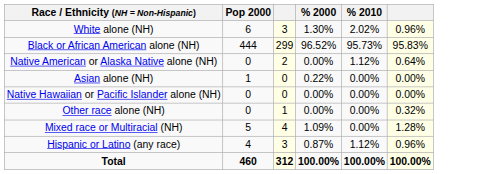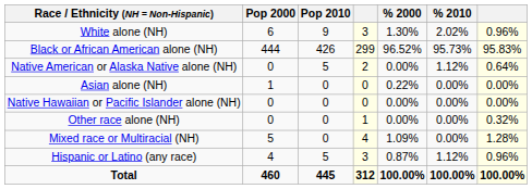 <table class="wikitable" style="text-align:center;">
 <tr>
 <th>Race / Ethnicity <small>(<em>NH = Non-Hispanic</em>)</small></th>
 <th>Pop 2000</th>
+<th>Pop 2010</th>
 <th></th>
 <th>% 2000</th>
 <th>% 2010</th>
 <th></th>
 </tr>
 <tr>
 <td><a href='#'>White</a> alone (NH)</td>
 <td>6</td>
+<td>9</td>
 <td style='background: #ffffe6;'>3</td>
 <td>1.30%</td>
 <td>2.02%</td>
 <td style='background: #ffffe6;'>0.96%</td>
 </tr>
 <tr>
 <td><a href='#'>Black or African American</a> alone (NH)</td>
 <td>444</td>
+<td>426</td>
 <td style='background: #ffffe6;'>299</td>
 <td>96.52%</td>
 <td>95.73%</td>
 <td style='background: #ffffe6;'>95.83%</td>
 </tr>
 <tr>
 <td><a href='#'>Native American</a> or <a href='#'>Alaska Native</a> alone (NH)</td>
 <td>0</td>
+<td>5</td>
 <td style='background: #ffffe6;'>2</td>
 <td>0.00%</td>
 <td>1.12%</td>
 <td style='background: #ffffe6;'>0.64%</td>
 </tr>
 <tr>
 <td><a href='#'>Asian</a> alone (NH)</td>
 <td>1</td>
+<td>0</td>
 <td style='background: #ffffe6;'>0</td>
 <td>0.22%</td>
 <td>0.00%</td>
 <td style='background: #ffffe6;'>0.00%</td>
 </tr>
 <tr>
 <td><a href='#'>Native Hawaiian</a> or <a href='#'>Pacific Islander</a> alone (NH)</td>
+<td>0</td>
 <td>0</td>
 <td style='background: #ffffe6;'>0</td>
 <td>0.00%</td>
 <td>0.00%</td>
 <td style='background: #ffffe6;'>0.00%</td>
 </tr>
 <tr>
 <td><a href='#'>Other race</a> alone (NH)</td>
 <td>0</td>
+<td>0</td>
 <td style='background: #ffffe6;'>1</td>
 <td>0.00%</td>
 <td>0.00%</td>
 <td style='background: #ffffe6;'>0.32%</td>
 </tr>
 <tr>
 <td><a href='#'>Mixed race or Multiracial</a> (NH)</td>
 <td>5</td>
+<td>0</td>
 <td style='background: #ffffe6;'>4</td>
 <td>1.09%</td>
 <td>0.00%</td>
 <td style='background: #ffffe6;'>1.28%</td>
 </tr>
 <tr>
 <td><a href='#'>Hispanic or Latino</a> (any race)</td>
 <td>4</td>
+<td>5</td>
 <td style='background: #ffffe6;'>3</td>
 <td>0.87%</td>
 <td>1.12%</td>
 <td style='background: #ffffe6;'>0.96%</td>
 </tr>
 <tr>
 <td><strong>Total</strong></td>
 <td><strong>460</strong></td>
+<td><strong>445</strong></td>
 <td style='background: #ffffe6;'><strong>312</strong></td>
 <td><strong>100.00%</strong></td>
 <td><strong>100.00%</strong></td>
 <td style='background: #ffffe6;'><strong>100.00%</strong></td>
 </tr>
 </table>
